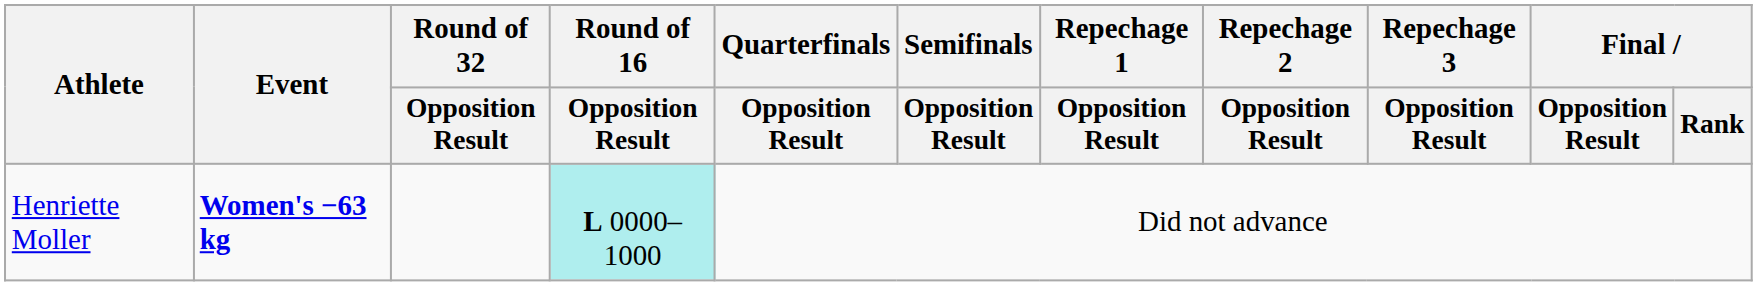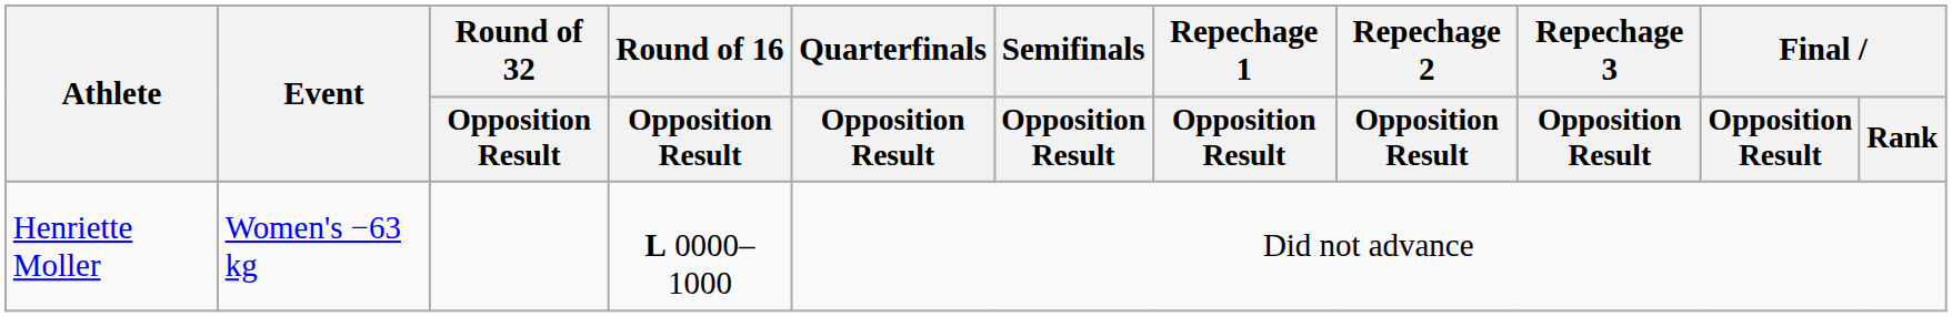 <table class="wikitable" style="font-size:90%">
 <tr>
 <th rowspan="2">Athlete</th>
 <th rowspan="2">Event</th>
 <th>Round of 32</th>
 <th>Round of 16</th>
 <th>Quarterfinals</th>
 <th>Semifinals</th>
 <th>Repechage 1</th>
 <th>Repechage 2</th>
 <th>Repechage 3</th>
 <th colspan=2>Final / </th>
 </tr>
 <tr style="font-size:95%">
 <th>Opposition<br>Result</th>
 <th>Opposition<br>Result</th>
 <th>Opposition<br>Result</th>
 <th>Opposition<br>Result</th>
 <th>Opposition<br>Result</th>
 <th>Opposition<br>Result</th>
 <th>Opposition<br>Result</th>
 <th>Opposition<br>Result</th>
 <th>Rank</th>
 </tr>
 <tr align=center>
 <td align=left><a href='#'>Henriette Moller</a></td>
-<td align=left><strong><a href='#'>Women's −63 kg</a></strong></td>
+<td align=left><a href='#'>Women's −63 kg</a></td>
 <td></td>
-<td style="background: paleturquoise;"><br><strong>L</strong> 0000–1000</td>
+<td><br><strong>L</strong> 0000–1000</td>
 <td colspan=7>Did not advance</td>
 </tr>
 </table>
